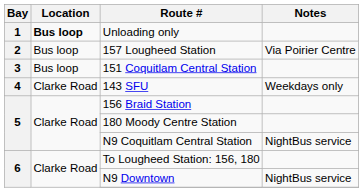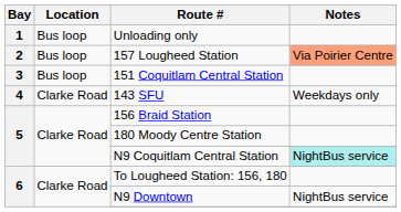 <table class="wikitable">
 <tr>
 <th>Bay</th>
 <th>Location</th>
 <th>Route #</th>
 <th>Notes</th>
 </tr>
 <tr>
 <th>1</th>
-<td><strong>Bus loop</strong></td>
+<td>Bus loop</td>
 <td>Unloading only</td>
 <td></td>
 </tr>
 <tr>
 <th>2</th>
 <td>Bus loop</td>
 <td>157 Lougheed Station</td>
-<td>Via Poirier Centre</td>
+<td style="background: lightsalmon;">Via Poirier Centre</td>
 </tr>
 <tr>
 <th>3</th>
 <td>Bus loop</td>
 <td>151 <a href='#'>Coquitlam Central Station</a></td>
 <td></td>
 </tr>
 <tr>
 <th>4</th>
 <td>Clarke Road<br></td>
 <td>143 <a href='#'>SFU</a></td>
 <td>Weekdays only</td>
 </tr>
 <tr>
 <th rowspan="3">5</th>
 <td rowspan="3">Clarke Road<br></td>
 <td>156 <a href='#'>Braid Station</a></td>
 <td></td>
 </tr>
 <tr>
 <td>180 Moody Centre Station</td>
 <td></td>
 </tr>
 <tr>
 <td>N9 Coquitlam Central Station</td>
-<td>NightBus service</td>
+<td style="background: paleturquoise;">NightBus service</td>
 </tr>
 <tr>
 <th rowspan="3">6</th>
 <td rowspan="3">Clarke Road<br></td>
 <td>To Lougheed Station: 156, 180</td>
 <td></td>
 </tr>
 <tr>
 <td>N9 <a href='#'>Downtown</a></td>
 <td>NightBus service</td>
 </tr>
 <tr>
 </tr>
 </table>
